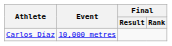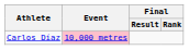 <table class="wikitable" style="font-size:90%">
 <tr>
 <th rowspan="2">Athlete</th>
 <th rowspan="2">Event</th>
 <th colspan="2">Final</th>
 </tr>
 <tr style="font-size:95%">
 <th>Result</th>
 <th>Rank</th>
 </tr>
 <tr align=center>
 <td align=left><a href='#'>Carlos Díaz</a></td>
-<td align=left><a href='#'>10,000 metres</a></td>
+<td align=left style="background: pink;"><a href='#'>10,000 metres</a></td>
 <td colspan=2></td>
 </tr>
 </table>
